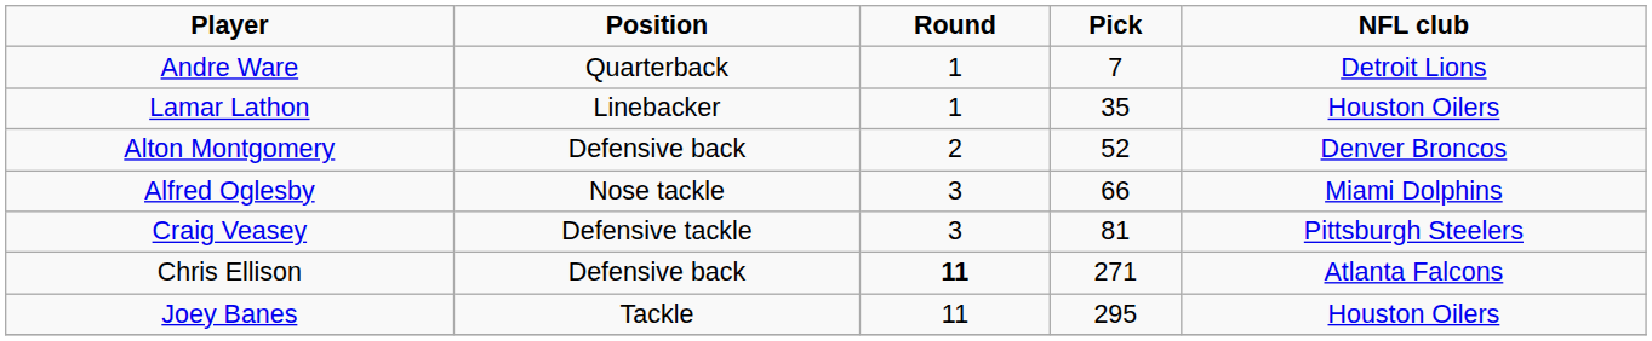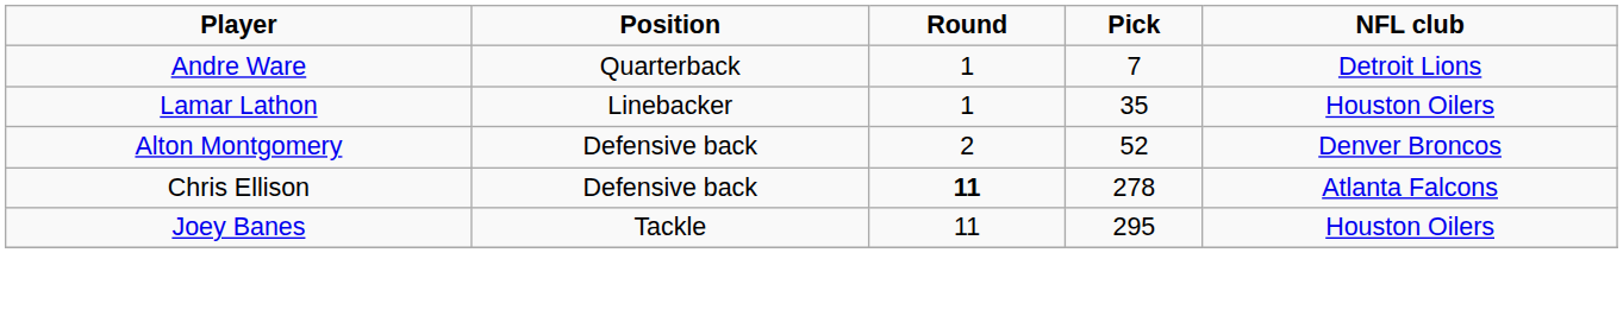 <table class="wikitable" width="80%">
 <tr align="center">
 <td><strong>Player</strong></td>
 <td><strong>Position</strong></td>
 <td><strong>Round</strong></td>
 <td><strong>Pick</strong></td>
 <td><strong>NFL club</strong></td>
 </tr>
 <tr align="center" bgcolor="">
 <td><a href='#'>Andre Ware</a></td>
 <td>Quarterback</td>
 <td>1</td>
 <td>7</td>
 <td><a href='#'>Detroit Lions</a></td>
 </tr>
 <tr align="center" bgcolor="">
 <td><a href='#'>Lamar Lathon</a></td>
 <td>Linebacker</td>
 <td>1</td>
 <td>35</td>
 <td><a href='#'>Houston Oilers</a></td>
 </tr>
 <tr align="center" bgcolor="">
 <td><a href='#'>Alton Montgomery</a></td>
 <td>Defensive back</td>
 <td>2</td>
 <td>52</td>
 <td><a href='#'>Denver Broncos</a></td>
 </tr>
 <tr align="center" bgcolor="">
-<td><a href='#'>Alfred Oglesby</a></td>
-<td>Nose tackle</td>
-<td>3</td>
-<td>66</td>
-<td><a href='#'>Miami Dolphins</a></td>
-</tr>
-<tr align="center" bgcolor="">
-<td><a href='#'>Craig Veasey</a></td>
-<td>Defensive tackle</td>
-<td>3</td>
-<td>81</td>
-<td><a href='#'>Pittsburgh Steelers</a></td>
-</tr>
-<tr align="center" bgcolor="">
 <td>Chris Ellison</td>
 <td>Defensive back</td>
 <td><strong>11</strong></td>
-<td>271</td>
+<td>278</td>
 <td><a href='#'>Atlanta Falcons</a></td>
 </tr>
 <tr align="center" bgcolor="">
 <td><a href='#'>Joey Banes</a></td>
 <td>Tackle</td>
 <td>11</td>
 <td>295</td>
 <td><a href='#'>Houston Oilers</a></td>
 </tr>
 <tr align="center" bgcolor="">
 </tr>
 </table>
